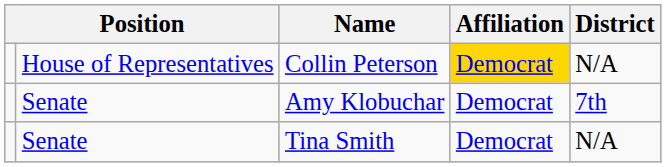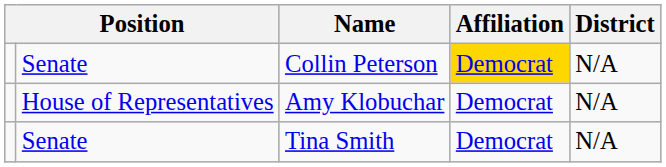 <table class="wikitable">
 <tr>
 <th colspan="2">Position</th>
 <th>Name</th>
 <th>Affiliation</th>
 <th>District</th>
 </tr>
 <tr>
 <td style="background-color:"></td>
-<td><a href='#'>House of Representatives</a></td>
+<td><a href='#'>Senate</a></td>
 <td><a href='#'>Collin Peterson</a></td>
 <td style="background: gold;"><a href='#'>Democrat</a></td>
 <td>N/A</td>
 </tr>
 <tr>
 <td style="background-color:"></td>
-<td><a href='#'>Senate</a></td>
+<td><a href='#'>House of Representatives</a></td>
 <td><a href='#'>Amy Klobuchar</a></td>
 <td><a href='#'>Democrat</a></td>
-<td><a href='#'>7th</a></td>
+<td>N/A</td>
 </tr>
 <tr>
 <td style="background-color:"></td>
 <td><a href='#'>Senate</a></td>
 <td><a href='#'>Tina Smith</a></td>
 <td><a href='#'>Democrat</a></td>
 <td>N/A</td>
 </tr>
 </table>
